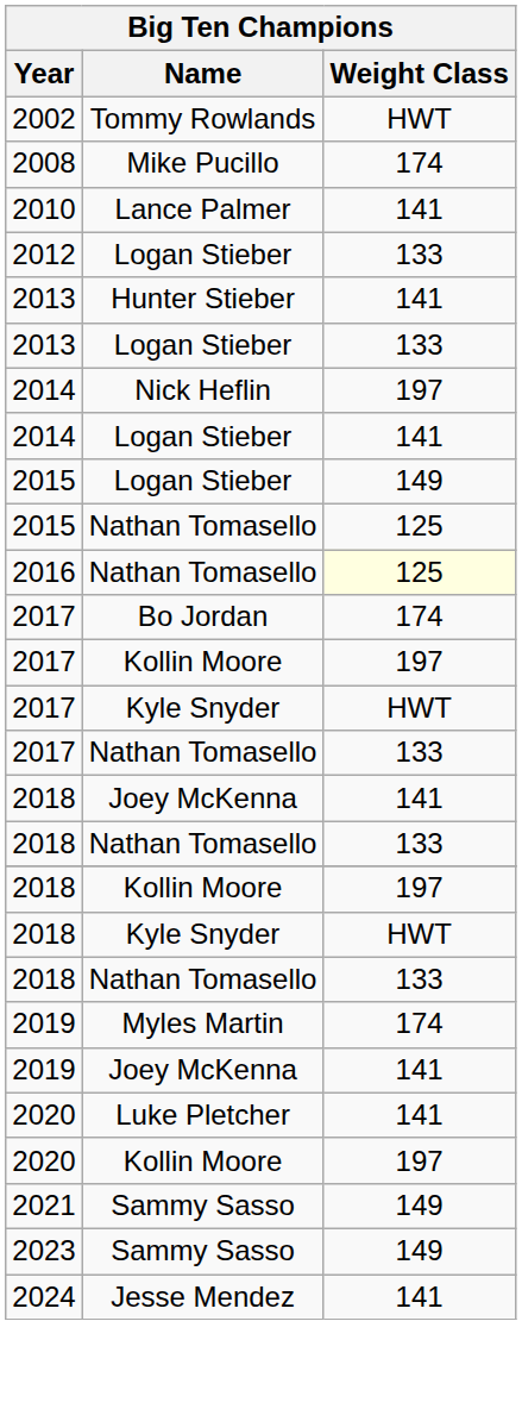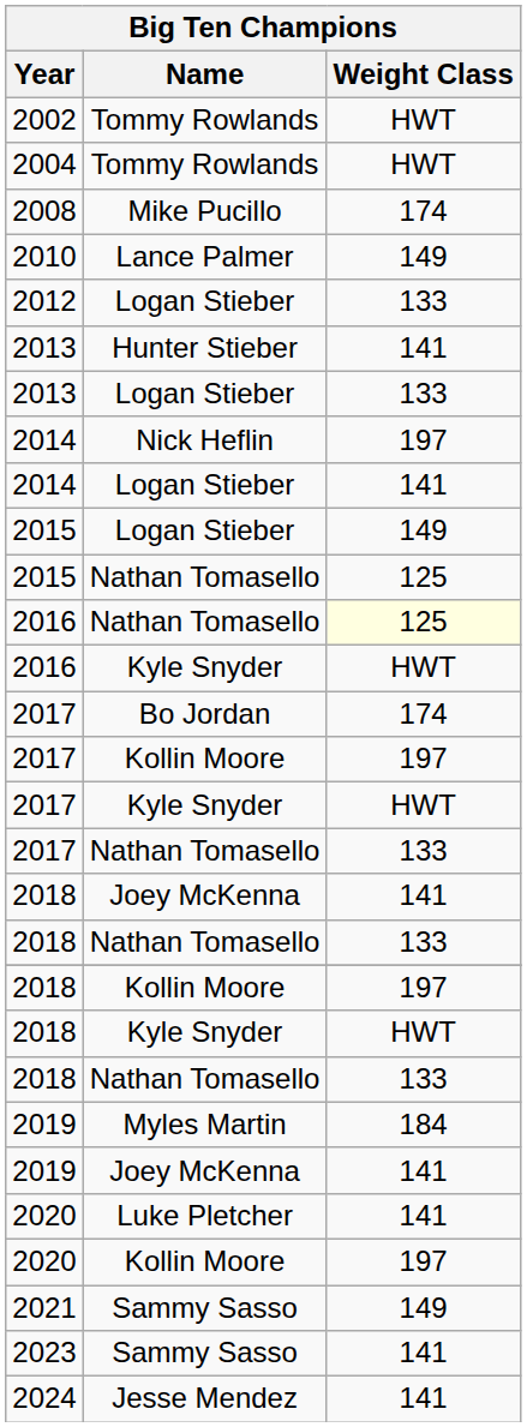 <table class="wikitable">
 <tr>
 <th colspan="3">Big Ten Champions</th>
 </tr>
 <tr>
 <th scope="col">Year</th>
 <th scope="col">Name</th>
 <th scope="col">Weight Class</th>
 </tr>
 <tr>
 <td>2002</td>
 <td style="text-align: center;">Tommy Rowlands</td>
 <td style="text-align: center;">HWT</td>
 </tr>
 <tr>
+<td>2004</td>
+<td style="text-align: center;">Tommy Rowlands</td>
+<td style="text-align: center;">HWT</td>
+</tr>
+<tr>
 <td>2008</td>
 <td style="text-align: center;">Mike Pucillo</td>
 <td style="text-align: center;">174</td>
 </tr>
 <tr>
 <td>2010</td>
 <td style="text-align: center;">Lance Palmer</td>
-<td style="text-align: center;">141</td>
+<td style="text-align: center;">149</td>
 </tr>
 <tr>
 <td>2012</td>
 <td style="text-align: center;">Logan Stieber</td>
 <td style="text-align: center;">133</td>
 </tr>
 <tr>
 <td>2013</td>
 <td style="text-align: center;">Hunter Stieber</td>
 <td style="text-align: center;">141</td>
 </tr>
 <tr>
 <td>2013</td>
 <td style="text-align: center;">Logan Stieber</td>
 <td style="text-align: center;">133</td>
 </tr>
 <tr>
 <td>2014</td>
 <td style="text-align: center;">Nick Heflin</td>
 <td style="text-align: center;">197</td>
 </tr>
 <tr>
 <td>2014</td>
 <td style="text-align: center;">Logan Stieber</td>
 <td style="text-align: center;">141</td>
 </tr>
 <tr>
 <td>2015</td>
 <td style="text-align: center;">Logan Stieber</td>
 <td style="text-align: center;">149</td>
 </tr>
 <tr>
 <td>2015</td>
 <td style="text-align: center;">Nathan Tomasello</td>
 <td style="text-align: center;">125</td>
 </tr>
 <tr>
 <td>2016</td>
 <td style="text-align: center;">Nathan Tomasello</td>
 <td style="background: lightyellow; text-align: center;">125</td>
+</tr>
+<tr>
+<td>2016</td>
+<td style="text-align: center;">Kyle Snyder</td>
+<td style="text-align: center;">HWT</td>
 </tr>
 <tr>
 <td>2017</td>
 <td style="text-align: center;">Bo Jordan</td>
 <td style="text-align: center;">174</td>
 </tr>
 <tr>
 <td>2017</td>
 <td style="text-align: center;">Kollin Moore</td>
 <td style="text-align: center;">197</td>
 </tr>
 <tr>
 <td>2017</td>
 <td style="text-align: center;">Kyle Snyder</td>
 <td style="text-align: center;">HWT</td>
 </tr>
 <tr>
 <td>2017</td>
 <td style="text-align: center;">Nathan Tomasello</td>
 <td style="text-align: center;">133</td>
 </tr>
 <tr>
 <td>2018</td>
 <td style="text-align: center;">Joey McKenna</td>
 <td style="text-align: center;">141</td>
 </tr>
 <tr>
 <td>2018</td>
 <td style="text-align: center;">Nathan Tomasello</td>
 <td style="text-align: center;">133</td>
 </tr>
 <tr>
 </tr>
 <tr>
 <td>2018</td>
 <td style="text-align: center;">Kollin Moore</td>
 <td style="text-align: center;">197</td>
 </tr>
 <tr>
 <td>2018</td>
 <td style="text-align: center;">Kyle Snyder</td>
 <td style="text-align: center;">HWT</td>
 </tr>
 <tr>
 <td>2018</td>
 <td style="text-align: center;">Nathan Tomasello</td>
 <td style="text-align: center;">133</td>
 </tr>
 <tr>
 <td>2019</td>
 <td style="text-align: center;">Myles Martin</td>
-<td style="text-align: center;">174</td>
+<td style="text-align: center;">184</td>
 </tr>
 <tr>
 <td>2019</td>
 <td style="text-align: center;">Joey McKenna</td>
 <td style="text-align: center;">141</td>
 </tr>
 <tr>
 <td>2020</td>
 <td style="text-align: center;">Luke Pletcher</td>
 <td style="text-align: center;">141</td>
 </tr>
 <tr>
 <td>2020</td>
 <td style="text-align: center;">Kollin Moore</td>
 <td style="text-align: center;">197</td>
 </tr>
 <tr>
 <td>2021</td>
 <td style="text-align: center;">Sammy Sasso</td>
 <td style="text-align: center;">149</td>
 </tr>
 <tr>
 <td>2023</td>
 <td style="text-align: center;">Sammy Sasso</td>
-<td style="text-align: center;">149</td>
+<td style="text-align: center;">141</td>
 </tr>
 <tr>
 <td>2024</td>
 <td style="text-align: center;">Jesse Mendez</td>
 <td style="text-align: center;">141</td>
 </tr>
 </table>
